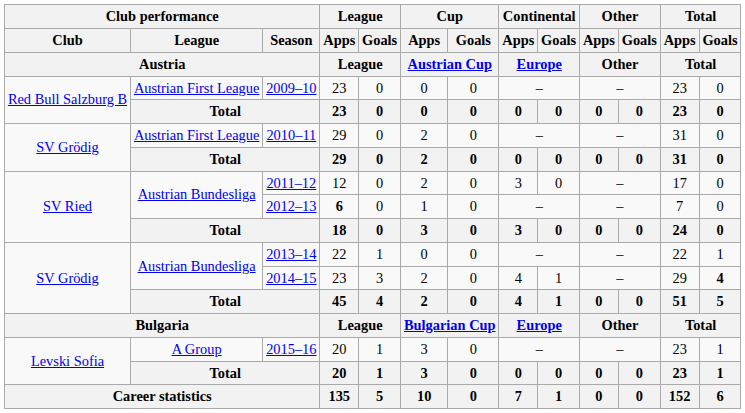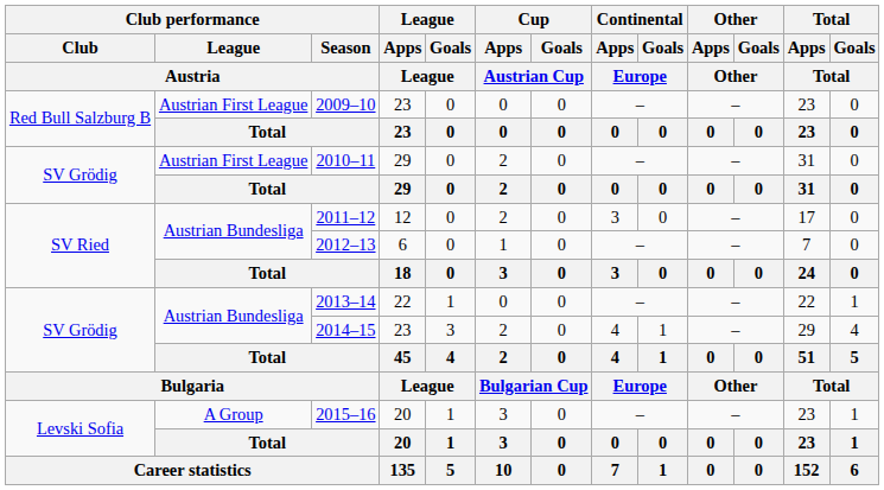 <table class="wikitable" style="font-size:90%; text-align: center">
 <tr>
 <th Colspan="3">Club performance</th>
 <th Colspan="2">League</th>
 <th Colspan="2">Cup</th>
 <th Colspan="2">Continental</th>
 <th Colspan="2">Other</th>
 <th Colspan="3">Total</th>
 </tr>
 <tr>
 <th>Club</th>
 <th>League</th>
 <th>Season</th>
 <th>Apps</th>
 <th>Goals</th>
 <th>Apps</th>
 <th>Goals</th>
 <th>Apps</th>
 <th>Goals</th>
 <th>Apps</th>
 <th>Goals</th>
 <th>Apps</th>
 <th>Goals</th>
 </tr>
 <tr>
 <th Colspan="3">Austria</th>
 <th Colspan="2">League</th>
 <th Colspan="2"><a href='#'>Austrian Cup</a></th>
 <th Colspan="2"><a href='#'>Europe</a></th>
 <th Colspan="2">Other</th>
 <th Colspan="2">Total</th>
 </tr>
 <tr>
 <td rowspan="2"><a href='#'>Red Bull Salzburg B</a></td>
 <td rowspan="1"><a href='#'>Austrian First League</a></td>
 <td><a href='#'>2009–10</a></td>
 <td>23</td>
 <td>0</td>
 <td>0</td>
 <td>0</td>
 <td colspan="2">–</td>
 <td colspan="2">–</td>
 <td>23</td>
 <td>0</td>
 </tr>
 <tr>
 <th colspan=2>Total</th>
 <th>23</th>
 <th>0</th>
 <th>0</th>
 <th>0</th>
 <th>0</th>
 <th>0</th>
 <th>0</th>
 <th>0</th>
 <th>23</th>
 <th>0</th>
 </tr>
 <tr>
 <td rowspan="2"><a href='#'>SV Grödig</a></td>
 <td rowspan="1"><a href='#'>Austrian First League</a></td>
 <td><a href='#'>2010–11</a></td>
 <td>29</td>
 <td>0</td>
 <td>2</td>
 <td>0</td>
 <td colspan="2">–</td>
 <td colspan="2">–</td>
 <td>31</td>
 <td>0</td>
 </tr>
 <tr>
 <th colspan=2>Total</th>
 <th>29</th>
 <th>0</th>
 <th>2</th>
 <th>0</th>
 <th>0</th>
 <th>0</th>
 <th>0</th>
 <th>0</th>
 <th>31</th>
 <th>0</th>
 </tr>
 <tr>
 <td rowspan="3"><a href='#'>SV Ried</a></td>
 <td rowspan="2"><a href='#'>Austrian Bundesliga</a></td>
 <td><a href='#'>2011–12</a></td>
 <td>12</td>
 <td>0</td>
 <td>2</td>
 <td>0</td>
 <td>3</td>
 <td>0</td>
 <td colspan="2">–</td>
 <td>17</td>
 <td>0</td>
 </tr>
 <tr>
 <td><a href='#'>2012–13</a></td>
-<td><strong>6</strong></td>
+<td>6</td>
 <td>0</td>
 <td>1</td>
 <td>0</td>
 <td colspan="2">–</td>
 <td colspan="2">–</td>
 <td>7</td>
 <td>0</td>
 </tr>
 <tr>
 <th colspan=2>Total</th>
 <th>18</th>
 <th>0</th>
 <th>3</th>
 <th>0</th>
 <th>3</th>
 <th>0</th>
 <th>0</th>
 <th>0</th>
 <th>24</th>
 <th>0</th>
 </tr>
 <tr>
 <td rowspan="3"><a href='#'>SV Grödig</a></td>
 <td rowspan="2"><a href='#'>Austrian Bundesliga</a></td>
 <td><a href='#'>2013–14</a></td>
 <td>22</td>
 <td>1</td>
 <td>0</td>
 <td>0</td>
 <td colspan="2">–</td>
 <td colspan="2">–</td>
 <td>22</td>
 <td>1</td>
 </tr>
 <tr>
 <td><a href='#'>2014–15</a></td>
 <td>23</td>
 <td>3</td>
 <td>2</td>
 <td>0</td>
 <td>4</td>
 <td>1</td>
 <td colspan="2">–</td>
 <td>29</td>
-<td><strong>4</strong></td>
+<td>4</td>
 </tr>
 <tr>
 <th colspan=2>Total</th>
 <th>45</th>
 <th>4</th>
 <th>2</th>
 <th>0</th>
 <th>4</th>
 <th>1</th>
 <th>0</th>
 <th>0</th>
 <th>51</th>
 <th>5</th>
 </tr>
 <tr>
 <th Colspan="3">Bulgaria</th>
 <th Colspan="2">League</th>
 <th Colspan="2"><a href='#'>Bulgarian Cup</a></th>
 <th Colspan="2"><a href='#'>Europe</a></th>
 <th Colspan="2">Other</th>
 <th Colspan="2">Total</th>
 </tr>
 <tr>
 <td rowspan="2"><a href='#'>Levski Sofia</a></td>
 <td rowspan="1"><a href='#'>A Group</a></td>
 <td><a href='#'>2015–16</a></td>
 <td>20</td>
 <td>1</td>
 <td>3</td>
 <td>0</td>
 <td colspan="2">–</td>
 <td colspan="2">–</td>
 <td>23</td>
 <td>1</td>
 </tr>
 <tr>
 <th colspan=2>Total</th>
 <th>20</th>
 <th>1</th>
 <th>3</th>
 <th>0</th>
 <th>0</th>
 <th>0</th>
 <th>0</th>
 <th>0</th>
 <th>23</th>
 <th>1</th>
 </tr>
 <tr>
 <th colspan="3">Career statistics</th>
 <th>135</th>
 <th>5</th>
 <th>10</th>
 <th>0</th>
 <th>7</th>
 <th>1</th>
 <th>0</th>
 <th>0</th>
 <th>152</th>
 <th>6</th>
 </tr>
 </table>
